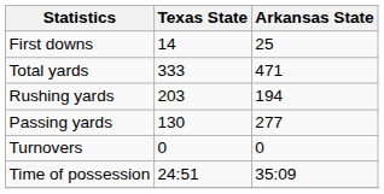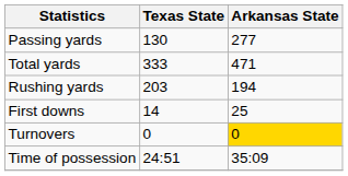 <table class="wikitable">
 <tr>
 <th>Statistics</th>
 <th>Texas State</th>
 <th>Arkansas State</th>
 </tr>
 <tr>
-<td>First downs</td>
-<td>14</td>
-<td>25</td>
+<td>Passing yards</td>
+<td>130</td>
+<td>277</td>
 </tr>
 <tr>
 <td>Total yards</td>
 <td>333</td>
 <td>471</td>
 </tr>
 <tr>
 <td>Rushing yards</td>
 <td>203</td>
 <td>194</td>
 </tr>
 <tr>
-<td>Passing yards</td>
-<td>130</td>
-<td>277</td>
+<td>First downs</td>
+<td>14</td>
+<td>25</td>
 </tr>
 <tr>
 <td>Turnovers</td>
 <td>0</td>
-<td>0</td>
+<td style="background: gold;">0</td>
 </tr>
 <tr>
 <td>Time of possession</td>
 <td>24:51</td>
 <td>35:09</td>
 </tr>
 <tr>
 </tr>
 </table>
